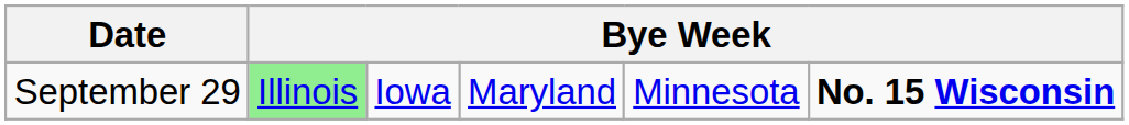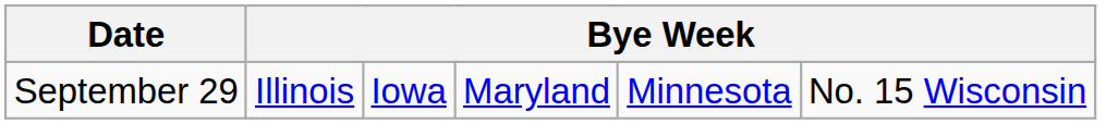 <table class="wikitable" style="font-size:95%;">
 <tr>
 <th>Date</th>
 <th colspan="5">Bye Week</th>
 </tr>
 <tr>
 <td>September 29</td>
-<td style="background: lightgreen;"><a href='#'>Illinois</a></td>
+<td><a href='#'>Illinois</a></td>
 <td><a href='#'>Iowa</a></td>
 <td><a href='#'>Maryland</a></td>
 <td><a href='#'>Minnesota</a></td>
-<td><strong>No. 15 <a href='#'>Wisconsin</a></strong></td>
+<td>No. 15 <a href='#'>Wisconsin</a></td>
 </tr>
 </table>
